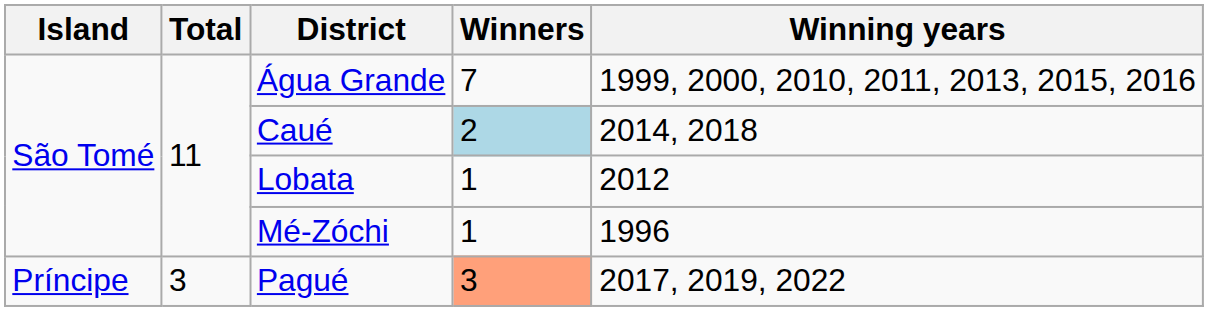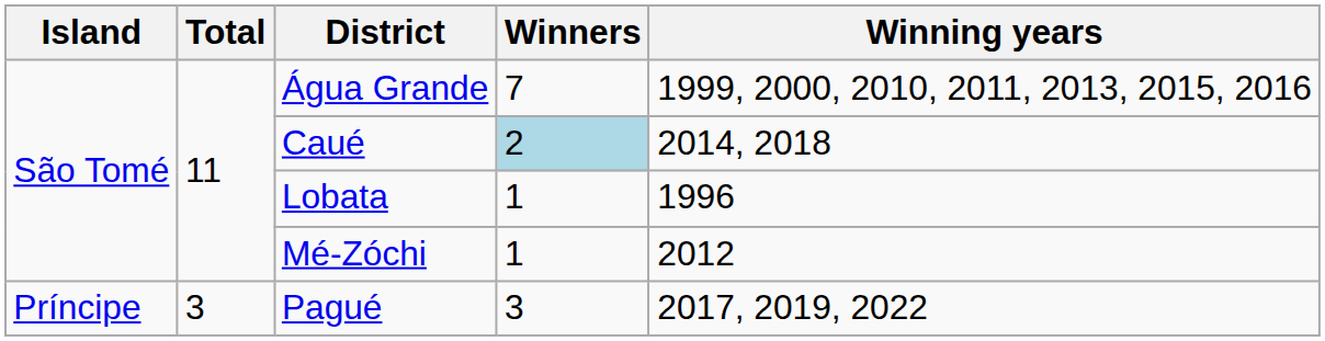 <table class="wikitable">
 <tr>
 <th>Island</th>
 <th>Total</th>
 <th>District</th>
 <th>Winners</th>
 <th>Winning years</th>
 </tr>
 <tr>
 <td rowspan=4><a href='#'>São Tomé</a></td>
 <td rowspan=4>11</td>
 <td><a href='#'>Água Grande</a></td>
 <td>7</td>
 <td>1999, 2000, 2010, 2011, 2013, 2015, 2016</td>
 </tr>
 <tr>
 <td><a href='#'>Caué</a></td>
 <td style="background: lightblue;">2</td>
 <td>2014, 2018</td>
 </tr>
 <tr>
 <td><a href='#'>Lobata</a></td>
 <td>1</td>
-<td>2012</td>
+<td>1996</td>
 </tr>
 <tr>
 <td><a href='#'>Mé-Zóchi</a></td>
 <td>1</td>
-<td>1996</td>
+<td>2012</td>
 </tr>
 <tr>
 <td><a href='#'>Príncipe</a></td>
 <td>3</td>
 <td><a href='#'>Pagué</a></td>
-<td style="background: lightsalmon;">3</td>
+<td>3</td>
 <td>2017, 2019, 2022</td>
 </tr>
 </table>
